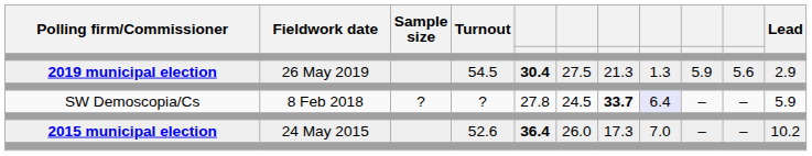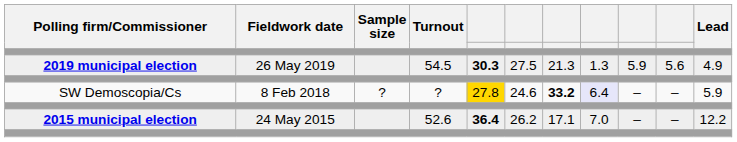 <table class="wikitable collapsible collapsed" style="text-align:center; font-size:95%; line-height:16px;">
 <tr style="height:42px;">
 <th style="width:250px;" rowspan="2">Polling firm/Commissioner</th>
 <th style="width:125px;" rowspan="2">Fieldwork date</th>
 <th style="width:50px;" rowspan="2">Sample size</th>
 <th style="width:45px;" rowspan="2">Turnout</th>
 <th style="width:35px;"></th>
 <th style="width:35px;"></th>
 <th style="width:35px;"></th>
 <th style="width:35px;"></th>
 <th style="width:35px;"></th>
 <th style="width:35px;"></th>
 <th style="width:30px;" rowspan="2">Lead</th>
 </tr>
 <tr>
 <th style="color:inherit;background:"></th>
 <th style="color:inherit;background:"></th>
 <th style="color:inherit;background:"></th>
 <th style="color:inherit;background:"></th>
 <th style="color:inherit;background:"></th>
 <th style="color:inherit;background:"></th>
 </tr>
 <tr>
 <td colspan="11" style="background:#A0A0A0"></td>
 </tr>
 <tr style="background:#EFEFEF;">
 <td><strong><a href='#'>2019 municipal election</a></strong></td>
 <td>26 May 2019</td>
 <td></td>
 <td>54.5</td>
-<td><strong>30.4</strong><br></td>
+<td><strong>30.3</strong><br></td>
 <td>27.5<br></td>
 <td>21.3<br></td>
 <td>1.3<br></td>
 <td>5.9<br></td>
 <td>5.6<br></td>
-<td style="background:">2.9</td>
+<td style="background:">4.9</td>
 </tr>
 <tr>
 <td colspan="11" style="background:#A0A0A0"></td>
 </tr>
 <tr>
 <td>SW Demoscopia/Cs</td>
 <td>8 Feb 2018</td>
 <td>?</td>
 <td>?</td>
-<td>27.8<br></td>
-<td>24.5<br></td>
-<td><strong>33.7</strong><br></td>
+<td style="background: gold;">27.8<br></td>
+<td>24.6<br></td>
+<td><strong>33.2</strong><br></td>
 <td style="background: lavender;">6.4<br></td>
 <td>–</td>
 <td>–</td>
 <td style="background:">5.9</td>
 </tr>
 <tr>
 <td colspan="11" style="background:#A0A0A0"></td>
 </tr>
 <tr style="background:#EFEFEF;">
 <td><strong><a href='#'>2015 municipal election</a></strong></td>
 <td>24 May 2015</td>
 <td></td>
 <td>52.6</td>
 <td><strong>36.4</strong><br></td>
-<td>26.0<br></td>
-<td>17.3<br></td>
+<td>26.2<br></td>
+<td>17.1<br></td>
 <td>7.0<br></td>
 <td>–</td>
 <td>–</td>
-<td style="background:">10.2</td>
+<td style="background:">12.2</td>
 </tr>
 <tr>
 <td colspan="11" style="background:#A0A0A0"></td>
 </tr>
 </table>
